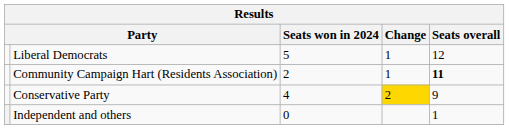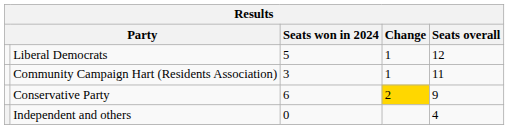 <table class="wikitable">
 <tr>
 <th colspan="5">Results</th>
 </tr>
 <tr>
 <th colspan="2">Party</th>
 <th>Seats won in 2024</th>
 <th>Change</th>
 <th>Seats overall</th>
 </tr>
 <tr>
 <td style="color:inherit;background:"></td>
 <td>Liberal Democrats</td>
 <td>5</td>
 <td>1</td>
 <td>12</td>
 </tr>
 <tr>
 <td style="color:inherit;background:"></td>
 <td>Community Campaign Hart (Residents Association)</td>
-<td>2</td>
+<td>3</td>
 <td>1</td>
-<td><strong>11</strong></td>
+<td>11</td>
 </tr>
 <tr>
 <td style="color:inherit;background:"></td>
 <td scope="row" style="text-align: left;">Conservative Party</td>
-<td>4</td>
+<td>6</td>
 <td style="background: gold;">2</td>
 <td>9</td>
 </tr>
 <tr>
 <th></th>
 <td>Independent and others</td>
 <td>0</td>
 <td></td>
-<td>1</td>
+<td>4</td>
 </tr>
 </table>
